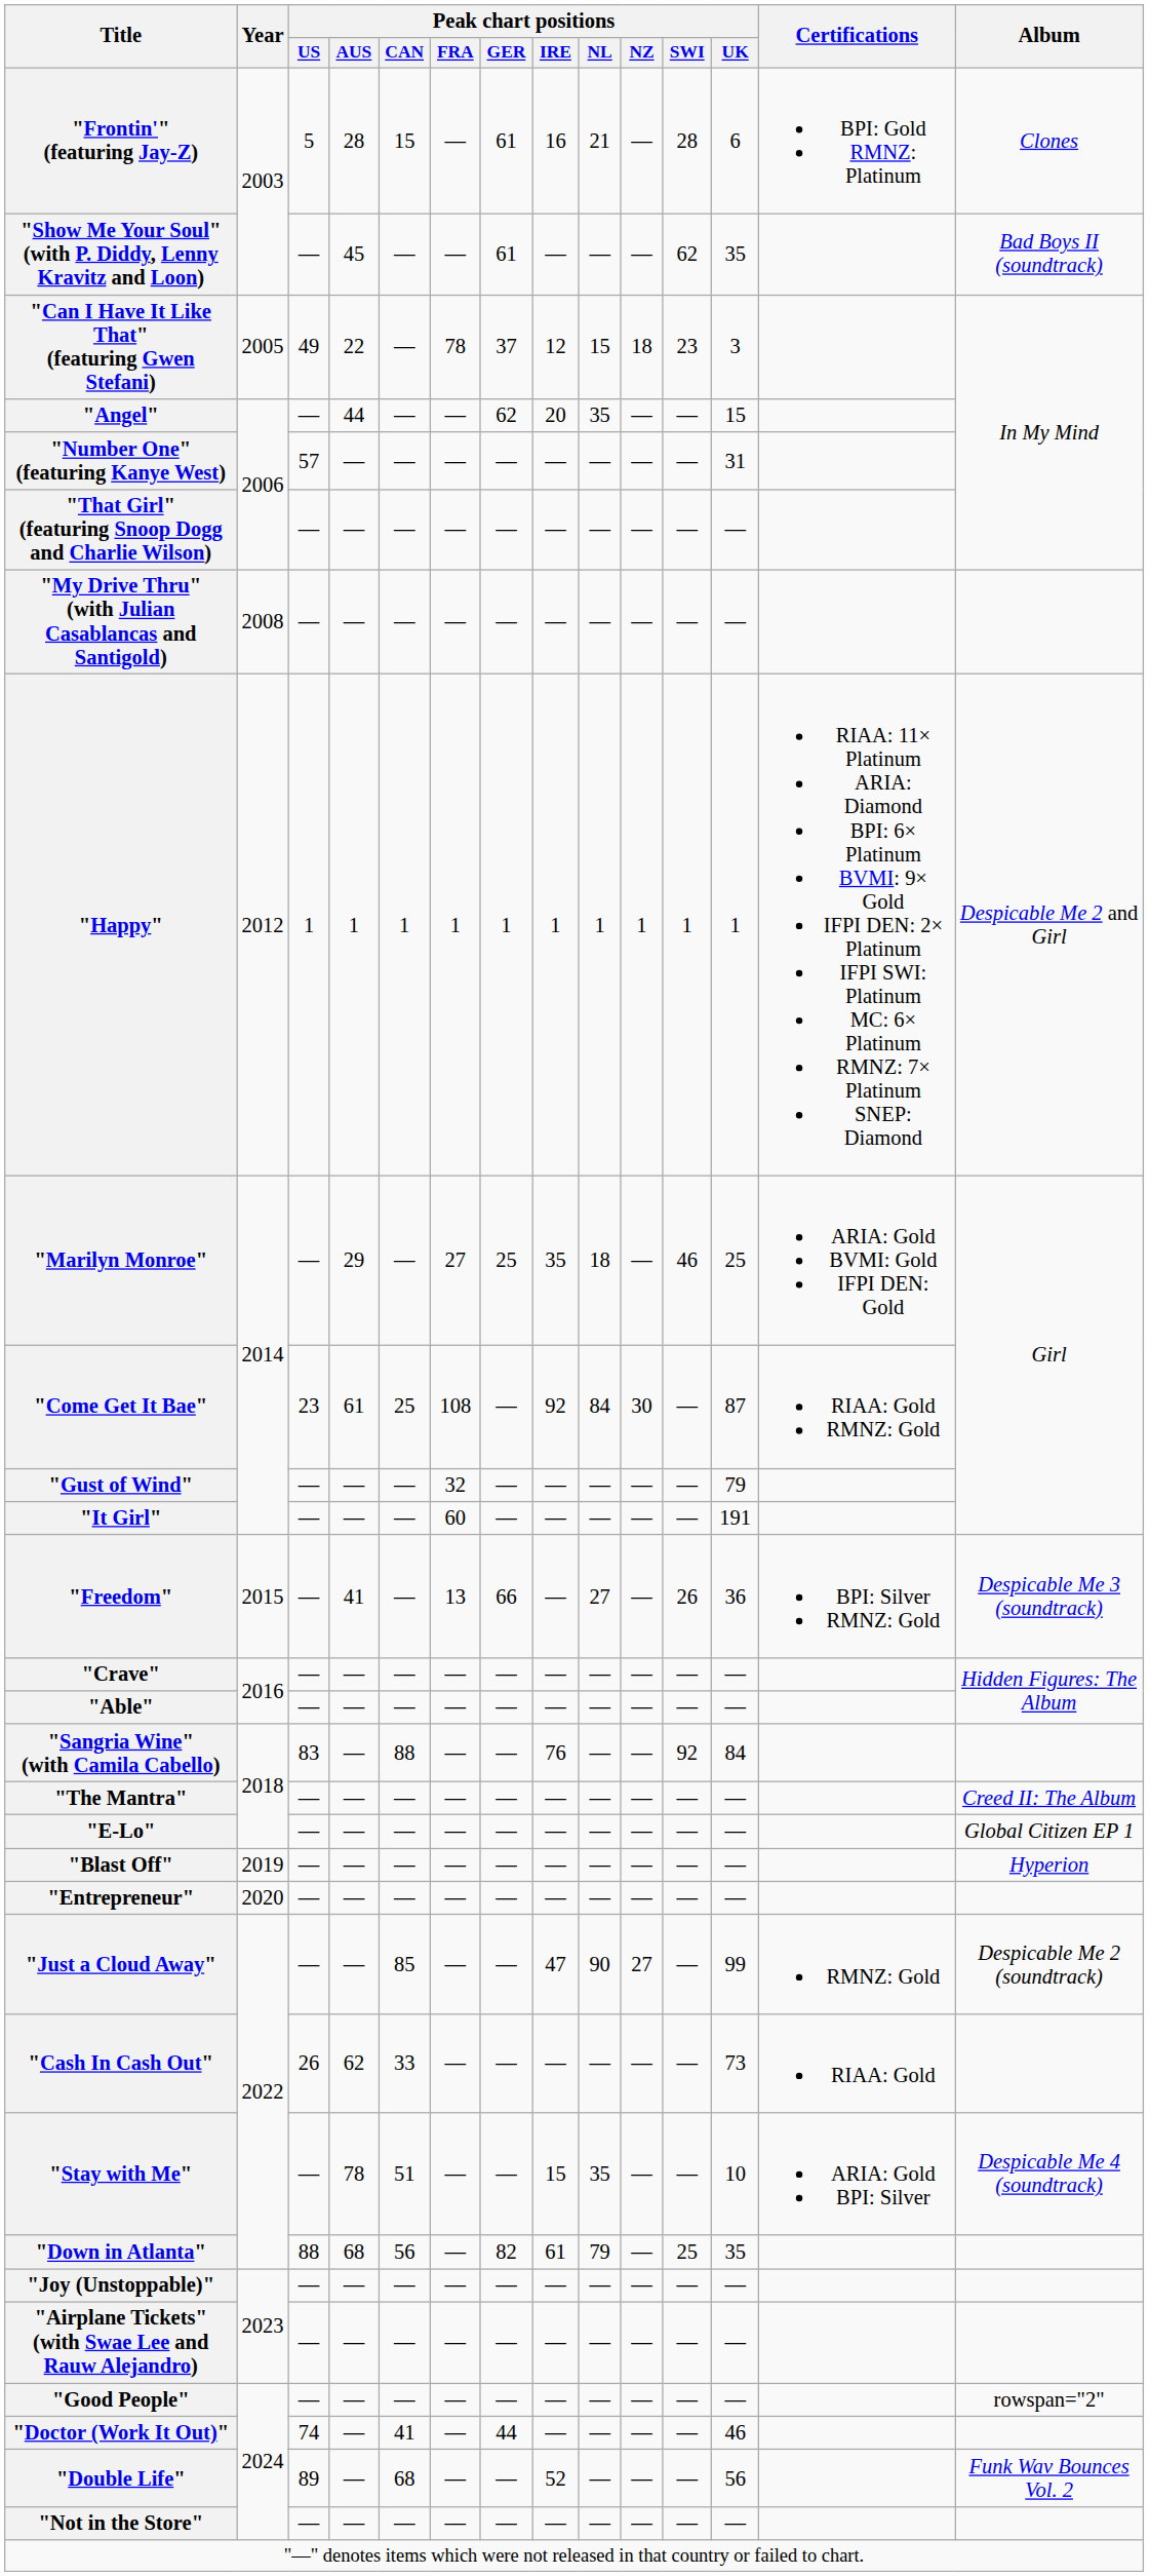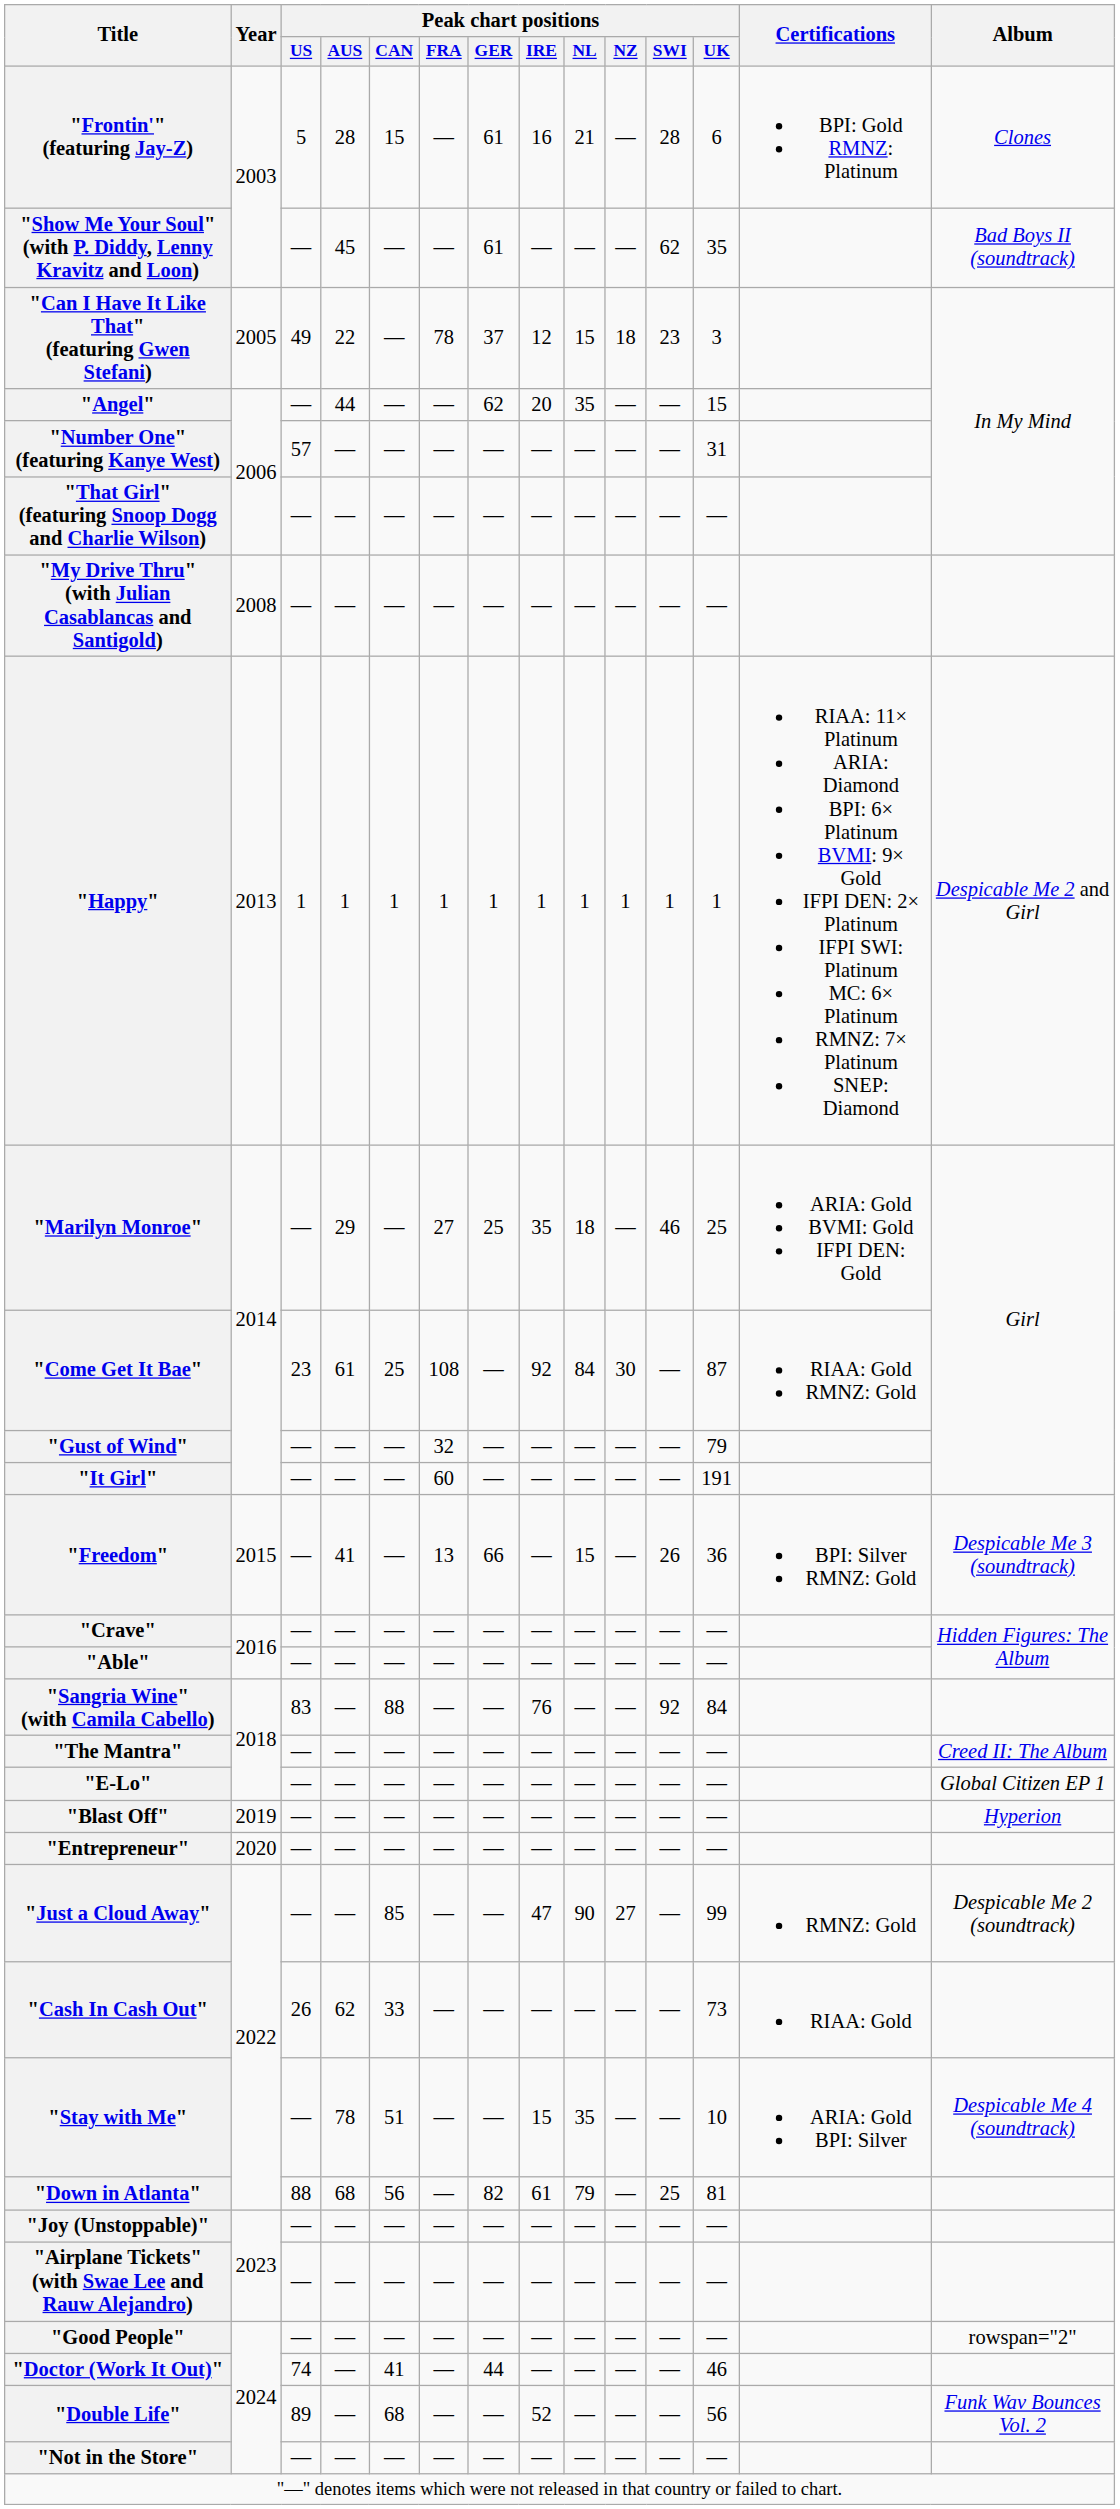 <table class="wikitable plainrowheaders" style="text-align:center;">
 <tr>
 <th scope="col" rowspan="2" style="width:19em;">Title</th>
 <th scope="col" rowspan="2">Year</th>
 <th scope="col" colspan="10">Peak chart positions</th>
 <th scope="col" rowspan="2" style="width:15em;"><a href='#'>Certifications</a></th>
 <th scope="col" rowspan="2" style="width:16em;">Album</th>
 </tr>
 <tr>
 <th scope="col" style="width:3em; font-size:85%;"><a href='#'>US</a><br></th>
 <th scope="col" style="width:3em; font-size:85%;"><a href='#'>AUS</a><br></th>
 <th scope="col" style="width:3em; font-size:85%;"><a href='#'>CAN</a><br></th>
 <th scope="col" style="width:3em; font-size:85%;"><a href='#'>FRA</a><br></th>
 <th scope="col" style="width:3em; font-size:85%;"><a href='#'>GER</a><br></th>
 <th scope="col" style="width:3em; font-size:85%;"><a href='#'>IRE</a><br></th>
 <th scope="col" style="width:3em; font-size:85%;"><a href='#'>NL</a><br></th>
 <th scope="col" style="width:3em; font-size:85%;"><a href='#'>NZ</a><br></th>
 <th scope="col" style="width:3em; font-size:85%;"><a href='#'>SWI</a><br></th>
 <th scope="col" style="width:3em; font-size:85%;"><a href='#'>UK</a><br></th>
 </tr>
 <tr>
 <th scope="row">"<a href='#'>Frontin'</a>"<br><span>(featuring <a href='#'>Jay-Z</a>)</span></th>
 <td rowspan="2">2003</td>
 <td>5</td>
 <td>28</td>
 <td>15</td>
 <td>—</td>
 <td>61</td>
 <td>16</td>
 <td>21</td>
 <td>—</td>
 <td>28</td>
 <td>6</td>
 <td><br><ul><li>BPI: Gold</li><li><a href='#'>RMNZ</a>: Platinum</li></ul></td>
 <td><em><a href='#'>Clones</a></em></td>
 </tr>
 <tr>
 <th scope="row">"<a href='#'>Show Me Your Soul</a>"<br><span>(with <a href='#'>P. Diddy</a>, <a href='#'>Lenny Kravitz</a> and <a href='#'>Loon</a>)</span></th>
 <td>—</td>
 <td>45</td>
 <td>—</td>
 <td>—</td>
 <td>61</td>
 <td>—</td>
 <td>—</td>
 <td>—</td>
 <td>62</td>
 <td>35</td>
 <td></td>
 <td><em><a href='#'>Bad Boys II (soundtrack)</a></em></td>
 </tr>
 <tr>
 <th scope="row">"<a href='#'>Can I Have It Like That</a>"<br><span>(featuring <a href='#'>Gwen Stefani</a>)</span></th>
 <td>2005</td>
 <td>49</td>
 <td>22</td>
 <td>—</td>
 <td>78</td>
 <td>37</td>
 <td>12</td>
 <td>15</td>
 <td>18</td>
 <td>23</td>
 <td>3</td>
 <td></td>
 <td rowspan="4"><em>In My Mind</em></td>
 </tr>
 <tr>
 <th scope="row">"<a href='#'>Angel</a>"</th>
 <td rowspan="3">2006</td>
 <td>—</td>
 <td>44</td>
 <td>—</td>
 <td>—</td>
 <td>62</td>
 <td>20</td>
 <td>35</td>
 <td>—</td>
 <td>—</td>
 <td>15</td>
 <td></td>
 </tr>
 <tr>
 <th scope="row">"<a href='#'>Number One</a>"<br><span>(featuring <a href='#'>Kanye West</a>)</span></th>
 <td>57</td>
 <td>—</td>
 <td>—</td>
 <td>—</td>
 <td>—</td>
 <td>—</td>
 <td>—</td>
 <td>—</td>
 <td>—</td>
 <td>31</td>
 <td></td>
 </tr>
 <tr>
 <th scope="row">"<a href='#'>That Girl</a>"<br><span>(featuring <a href='#'>Snoop Dogg</a> and <a href='#'>Charlie Wilson</a>)</span></th>
 <td>—</td>
 <td>—</td>
 <td>—</td>
 <td>—</td>
 <td>—</td>
 <td>—</td>
 <td>—</td>
 <td>—</td>
 <td>—</td>
 <td>—</td>
 <td></td>
 </tr>
 <tr>
 <th scope="row">"<a href='#'>My Drive Thru</a>"<br><span>(with <a href='#'>Julian Casablancas</a> and <a href='#'>Santigold</a>)</span></th>
 <td>2008</td>
 <td>—</td>
 <td>—</td>
 <td>—</td>
 <td>—</td>
 <td>—</td>
 <td>—</td>
 <td>—</td>
 <td>—</td>
 <td>—</td>
 <td>—</td>
 <td></td>
 <td></td>
 </tr>
 <tr>
 <th scope="row">"<a href='#'>Happy</a>"</th>
-<td>2012</td>
+<td>2013</td>
 <td>1</td>
 <td>1</td>
 <td>1</td>
 <td>1</td>
 <td>1</td>
 <td>1</td>
 <td>1</td>
 <td>1</td>
 <td>1</td>
 <td>1</td>
 <td><br><ul><li>RIAA: 11× Platinum</li><li>ARIA: Diamond</li><li>BPI: 6× Platinum</li><li><a href='#'>BVMI</a>: 9× Gold</li><li>IFPI DEN: 2× Platinum</li><li>IFPI SWI: Platinum</li><li>MC: 6× Platinum</li><li>RMNZ: 7× Platinum</li><li>SNEP: Diamond</li></ul></td>
 <td><em><a href='#'>Despicable Me 2</a></em> and <em>Girl</em></td>
 </tr>
 <tr>
 <th scope="row">"<a href='#'>Marilyn Monroe</a>"</th>
 <td rowspan="4">2014</td>
 <td>—</td>
 <td>29</td>
 <td>—</td>
 <td>27</td>
 <td>25</td>
 <td>35</td>
 <td>18</td>
 <td>—</td>
 <td>46</td>
 <td>25</td>
 <td><br><ul><li>ARIA: Gold</li><li>BVMI: Gold</li><li>IFPI DEN: Gold</li></ul></td>
 <td rowspan="4"><em>Girl</em></td>
 </tr>
 <tr>
 <th scope="row">"<a href='#'>Come Get It Bae</a>"</th>
 <td>23</td>
 <td>61</td>
 <td>25</td>
 <td>108</td>
 <td>—</td>
 <td>92</td>
 <td>84</td>
 <td>30</td>
 <td>—</td>
 <td>87</td>
 <td><br><ul><li>RIAA: Gold</li><li>RMNZ: Gold</li></ul></td>
 </tr>
 <tr>
 <th scope="row">"<a href='#'>Gust of Wind</a>"</th>
 <td>—</td>
 <td>—</td>
 <td>—</td>
 <td>32</td>
 <td>—</td>
 <td>—</td>
 <td>—</td>
 <td>—</td>
 <td>—</td>
 <td>79</td>
 <td></td>
 </tr>
 <tr>
 <th scope="row">"<a href='#'>It Girl</a>"</th>
 <td>—</td>
 <td>—</td>
 <td>—</td>
 <td>60</td>
 <td>—</td>
 <td>—</td>
 <td>—</td>
 <td>—</td>
 <td>—</td>
 <td>191</td>
 <td></td>
 </tr>
 <tr>
 <th scope="row">"<a href='#'>Freedom</a>"</th>
 <td>2015</td>
 <td>—</td>
 <td>41</td>
 <td>—</td>
 <td>13</td>
 <td>66</td>
 <td>—</td>
-<td>27</td>
+<td>15</td>
 <td>—</td>
 <td>26</td>
 <td>36</td>
 <td><br><ul><li>BPI: Silver</li><li>RMNZ: Gold</li></ul></td>
 <td><em><a href='#'>Despicable Me 3 (soundtrack)</a></em></td>
 </tr>
 <tr>
 <th scope="row">"Crave"</th>
 <td rowspan="2">2016</td>
 <td>—</td>
 <td>—</td>
 <td>—</td>
 <td>—</td>
 <td>—</td>
 <td>—</td>
 <td>—</td>
 <td>—</td>
 <td>—</td>
 <td>—</td>
 <td></td>
 <td rowspan="2"><em><a href='#'>Hidden Figures: The Album</a></em></td>
 </tr>
 <tr>
 <th scope="row">"Able"</th>
 <td>—</td>
 <td>—</td>
 <td>—</td>
 <td>—</td>
 <td>—</td>
 <td>—</td>
 <td>—</td>
 <td>—</td>
 <td>—</td>
 <td>—</td>
 <td></td>
 </tr>
 <tr>
 <th scope="row">"<a href='#'>Sangria Wine</a>"<br><span>(with <a href='#'>Camila Cabello</a>)</span></th>
 <td rowspan="3">2018</td>
 <td>83</td>
 <td>—</td>
 <td>88</td>
 <td>—</td>
 <td>—</td>
 <td>76</td>
 <td>—</td>
 <td>—</td>
 <td>92</td>
 <td>84</td>
 <td></td>
 <td></td>
 </tr>
 <tr>
 <th scope="row">"The Mantra"<br></th>
 <td>—</td>
 <td>—</td>
 <td>—</td>
 <td>—</td>
 <td>—</td>
 <td>—</td>
 <td>—</td>
 <td>—</td>
 <td>—</td>
 <td>—</td>
 <td></td>
 <td><em><a href='#'>Creed II: The Album</a></em></td>
 </tr>
 <tr>
 <th scope="row">"E-Lo"<br></th>
 <td>—</td>
 <td>—</td>
 <td>—</td>
 <td>—</td>
 <td>—</td>
 <td>—</td>
 <td>—</td>
 <td>—</td>
 <td>—</td>
 <td>—</td>
 <td></td>
 <td><em>Global Citizen EP 1</em></td>
 </tr>
 <tr>
 <th scope="row">"Blast Off"<br></th>
 <td>2019</td>
 <td>—</td>
 <td>—</td>
 <td>—</td>
 <td>—</td>
 <td>—</td>
 <td>—</td>
 <td>—</td>
 <td>—</td>
 <td>—</td>
 <td>—</td>
 <td></td>
 <td><em><a href='#'>Hyperion</a></em></td>
 </tr>
 <tr>
 <th scope="row">"Entrepreneur"<br></th>
 <td>2020</td>
 <td>—</td>
 <td>—</td>
 <td>—</td>
 <td>—</td>
 <td>—</td>
 <td>—</td>
 <td>—</td>
 <td>—</td>
 <td>—</td>
 <td>—</td>
 <td></td>
 <td></td>
 </tr>
 <tr>
 <th scope="row">"<a href='#'>Just a Cloud Away</a>"</th>
 <td rowspan="4">2022</td>
 <td>—</td>
 <td>—</td>
 <td>85</td>
 <td>—</td>
 <td>—</td>
 <td>47</td>
 <td>90</td>
 <td>27</td>
 <td>—</td>
 <td>99</td>
 <td><br><ul><li>RMNZ: Gold</li></ul></td>
 <td><em>Despicable Me 2 (soundtrack)</em></td>
 </tr>
 <tr>
 <th scope="row">"<a href='#'>Cash In Cash Out</a>"<br></th>
 <td>26</td>
 <td>62</td>
 <td>33</td>
 <td>—</td>
 <td>—</td>
 <td>—</td>
 <td>—</td>
 <td>—</td>
 <td>—</td>
 <td>73</td>
 <td><br><ul><li>RIAA: Gold</li></ul></td>
 <td></td>
 </tr>
 <tr>
 <th scope="row">"<a href='#'>Stay with Me</a>"<br></th>
 <td>—</td>
 <td>78</td>
 <td>51</td>
 <td>—</td>
 <td>—</td>
 <td>15</td>
 <td>35</td>
 <td>—</td>
 <td>—</td>
 <td>10</td>
 <td><br><ul><li>ARIA: Gold</li><li>BPI: Silver</li></ul></td>
 <td><em><a href='#'>Despicable Me 4 (soundtrack)</a></em></td>
 </tr>
 <tr>
 <th scope="row">"<a href='#'>Down in Atlanta</a>"<br></th>
 <td>88</td>
 <td>68</td>
 <td>56</td>
 <td>—</td>
 <td>82</td>
 <td>61</td>
 <td>79</td>
 <td>—</td>
 <td>25</td>
-<td>35</td>
+<td>81</td>
 <td></td>
 <td></td>
 </tr>
 <tr>
 <th scope="row">"Joy (Unstoppable)"<br></th>
 <td rowspan="2">2023</td>
 <td>—</td>
 <td>—</td>
 <td>—</td>
 <td>—</td>
 <td>—</td>
 <td>—</td>
 <td>—</td>
 <td>—</td>
 <td>—</td>
 <td>—</td>
 <td></td>
 <td></td>
 </tr>
 <tr>
 <th scope="row">"Airplane Tickets"<br><span>(with <a href='#'>Swae Lee</a> and <a href='#'>Rauw Alejandro</a>)</span></th>
 <td>—</td>
 <td>—</td>
 <td>—</td>
 <td>—</td>
 <td>—</td>
 <td>—</td>
 <td>—</td>
 <td>—</td>
 <td>—</td>
 <td>—</td>
 <td></td>
 <td></td>
 </tr>
 <tr>
 <th scope="row">"Good People"<br></th>
 <td rowspan="4">2024</td>
 <td>—</td>
 <td>—</td>
 <td>—</td>
 <td>—</td>
 <td>—</td>
 <td>—</td>
 <td>—</td>
 <td>—</td>
 <td>—</td>
 <td>—</td>
 <td></td>
 <td>rowspan="2" </td>
 </tr>
 <tr>
 <th scope="row">"<a href='#'>Doctor (Work It Out)</a>"<br></th>
 <td>74</td>
 <td>—</td>
 <td>41</td>
 <td>—</td>
 <td>44<br></td>
 <td>—</td>
 <td>—</td>
 <td>—</td>
 <td>—</td>
 <td>46</td>
 <td></td>
 </tr>
 <tr>
 <th scope="row">"<a href='#'>Double Life</a>"</th>
 <td>89</td>
 <td>—</td>
 <td>68</td>
 <td>—</td>
 <td>—</td>
 <td>52<br></td>
 <td>—</td>
 <td>—</td>
 <td>—</td>
 <td>56</td>
 <td></td>
 <td><em><a href='#'>Funk Wav Bounces Vol. 2</a></em></td>
 </tr>
 <tr>
 <th scope="row">"Not in the Store"<br></th>
 <td>—</td>
 <td>—</td>
 <td>—</td>
 <td>—</td>
 <td>—</td>
 <td>—</td>
 <td>—</td>
 <td>—</td>
 <td>—</td>
 <td>—</td>
 <td></td>
 <td></td>
 </tr>
 <tr>
 <td colspan="18" style="font-size:90%;">"—" denotes items which were not released in that country or failed to chart.</td>
 </tr>
 </table>
